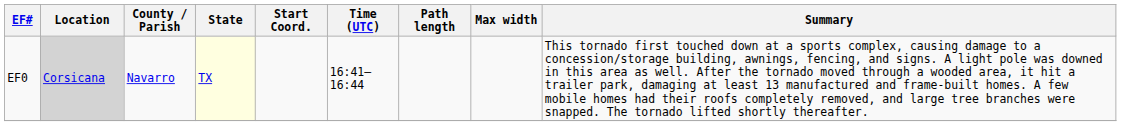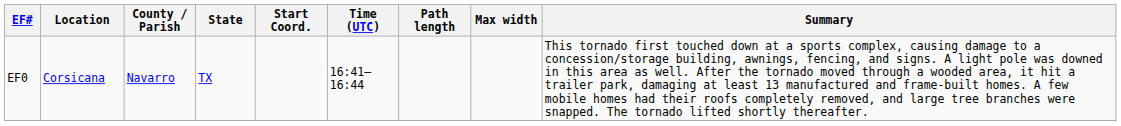 <table class="wikitable sortable" style="width:100%;">
 <tr>
 <th scope="col"  style="width:3%; text-align:center;"><a href='#'>EF#</a></th>
 <th scope="col"  style="width:7%; text-align:center;" class="unsortable">Location</th>
 <th scope="col"  style="width:6%; text-align:center;" class="unsortable">County / Parish</th>
 <th scope="col"  style="width:5%; text-align:center;">State</th>
 <th scope="col"  style="width:6%; text-align:center;">Start Coord.</th>
 <th scope="col"  style="width:6%; text-align:center;">Time (<a href='#'>UTC</a>)</th>
 <th scope="col"  style="width:6%; text-align:center;">Path length</th>
 <th scope="col"  style="width:6%; text-align:center;">Max width</th>
 <th scope="col" class="unsortable" style="width:48%; text-align:center;">Summary</th>
 </tr>
 <tr>
 <td>EF0</td>
-<td style="background: lightgrey;"><a href='#'>Corsicana</a></td>
+<td><a href='#'>Corsicana</a></td>
 <td><a href='#'>Navarro</a></td>
-<td style="background: lightyellow;"><a href='#'>TX</a></td>
+<td><a href='#'>TX</a></td>
 <td></td>
 <td>16:41–16:44</td>
 <td></td>
 <td></td>
 <td>This tornado first touched down at a sports complex, causing damage to a concession/storage building, awnings, fencing, and signs. A light pole was downed in this area as well. After the tornado moved through a wooded area, it hit a trailer park, damaging at least 13 manufactured and frame-built homes. A few mobile homes had their roofs completely removed, and large tree branches were snapped. The tornado lifted shortly thereafter.</td>
 </tr>
 <tr>
 </tr>
 </table>
